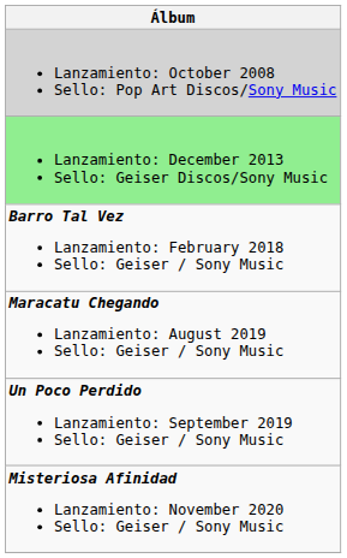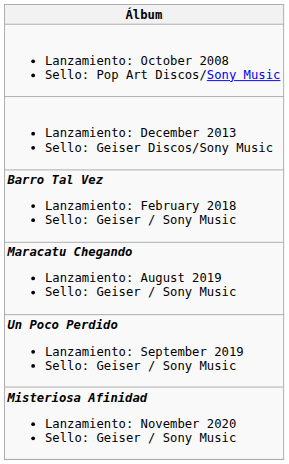 <table class="wikitable">
 <tr>
 <th>Álbum</th>
 </tr>
 <tr>
-<td style="background: lightgrey;"><strong><em></em></strong><br><ul><li>Lanzamiento: October 2008</li><li>Sello: Pop Art Discos/<a href='#'>Sony Music</a></li></ul></td>
+<td><strong><em></em></strong><br><ul><li>Lanzamiento: October 2008</li><li>Sello: Pop Art Discos/<a href='#'>Sony Music</a></li></ul></td>
 </tr>
 <tr>
-<td style="background: lightgreen;"><strong><em></em></strong><br><ul><li>Lanzamiento: December 2013</li><li>Sello: Geiser Discos/Sony Music</li></ul></td>
+<td><strong><em></em></strong><br><ul><li>Lanzamiento: December 2013</li><li>Sello: Geiser Discos/Sony Music</li></ul></td>
 </tr>
 <tr>
 <td><strong><em>Barro Tal Vez</em></strong><br><ul><li>Lanzamiento: February 2018</li><li>Sello: Geiser / Sony Music</li></ul></td>
 </tr>
 <tr>
 <td><strong><em>Maracatu Chegando</em></strong><br><ul><li>Lanzamiento: August 2019</li><li>Sello: Geiser / Sony Music</li></ul></td>
 </tr>
 <tr>
 <td><strong><em>Un Poco Perdido</em></strong><br><ul><li>Lanzamiento: September 2019</li><li>Sello: Geiser / Sony Music</li></ul></td>
 </tr>
 <tr>
 <td><strong><em>Misteriosa Afinidad</em></strong><br><ul><li>Lanzamiento: November 2020</li><li>Sello: Geiser / Sony Music</li></ul></td>
 </tr>
 <tr>
 </tr>
 </table>
